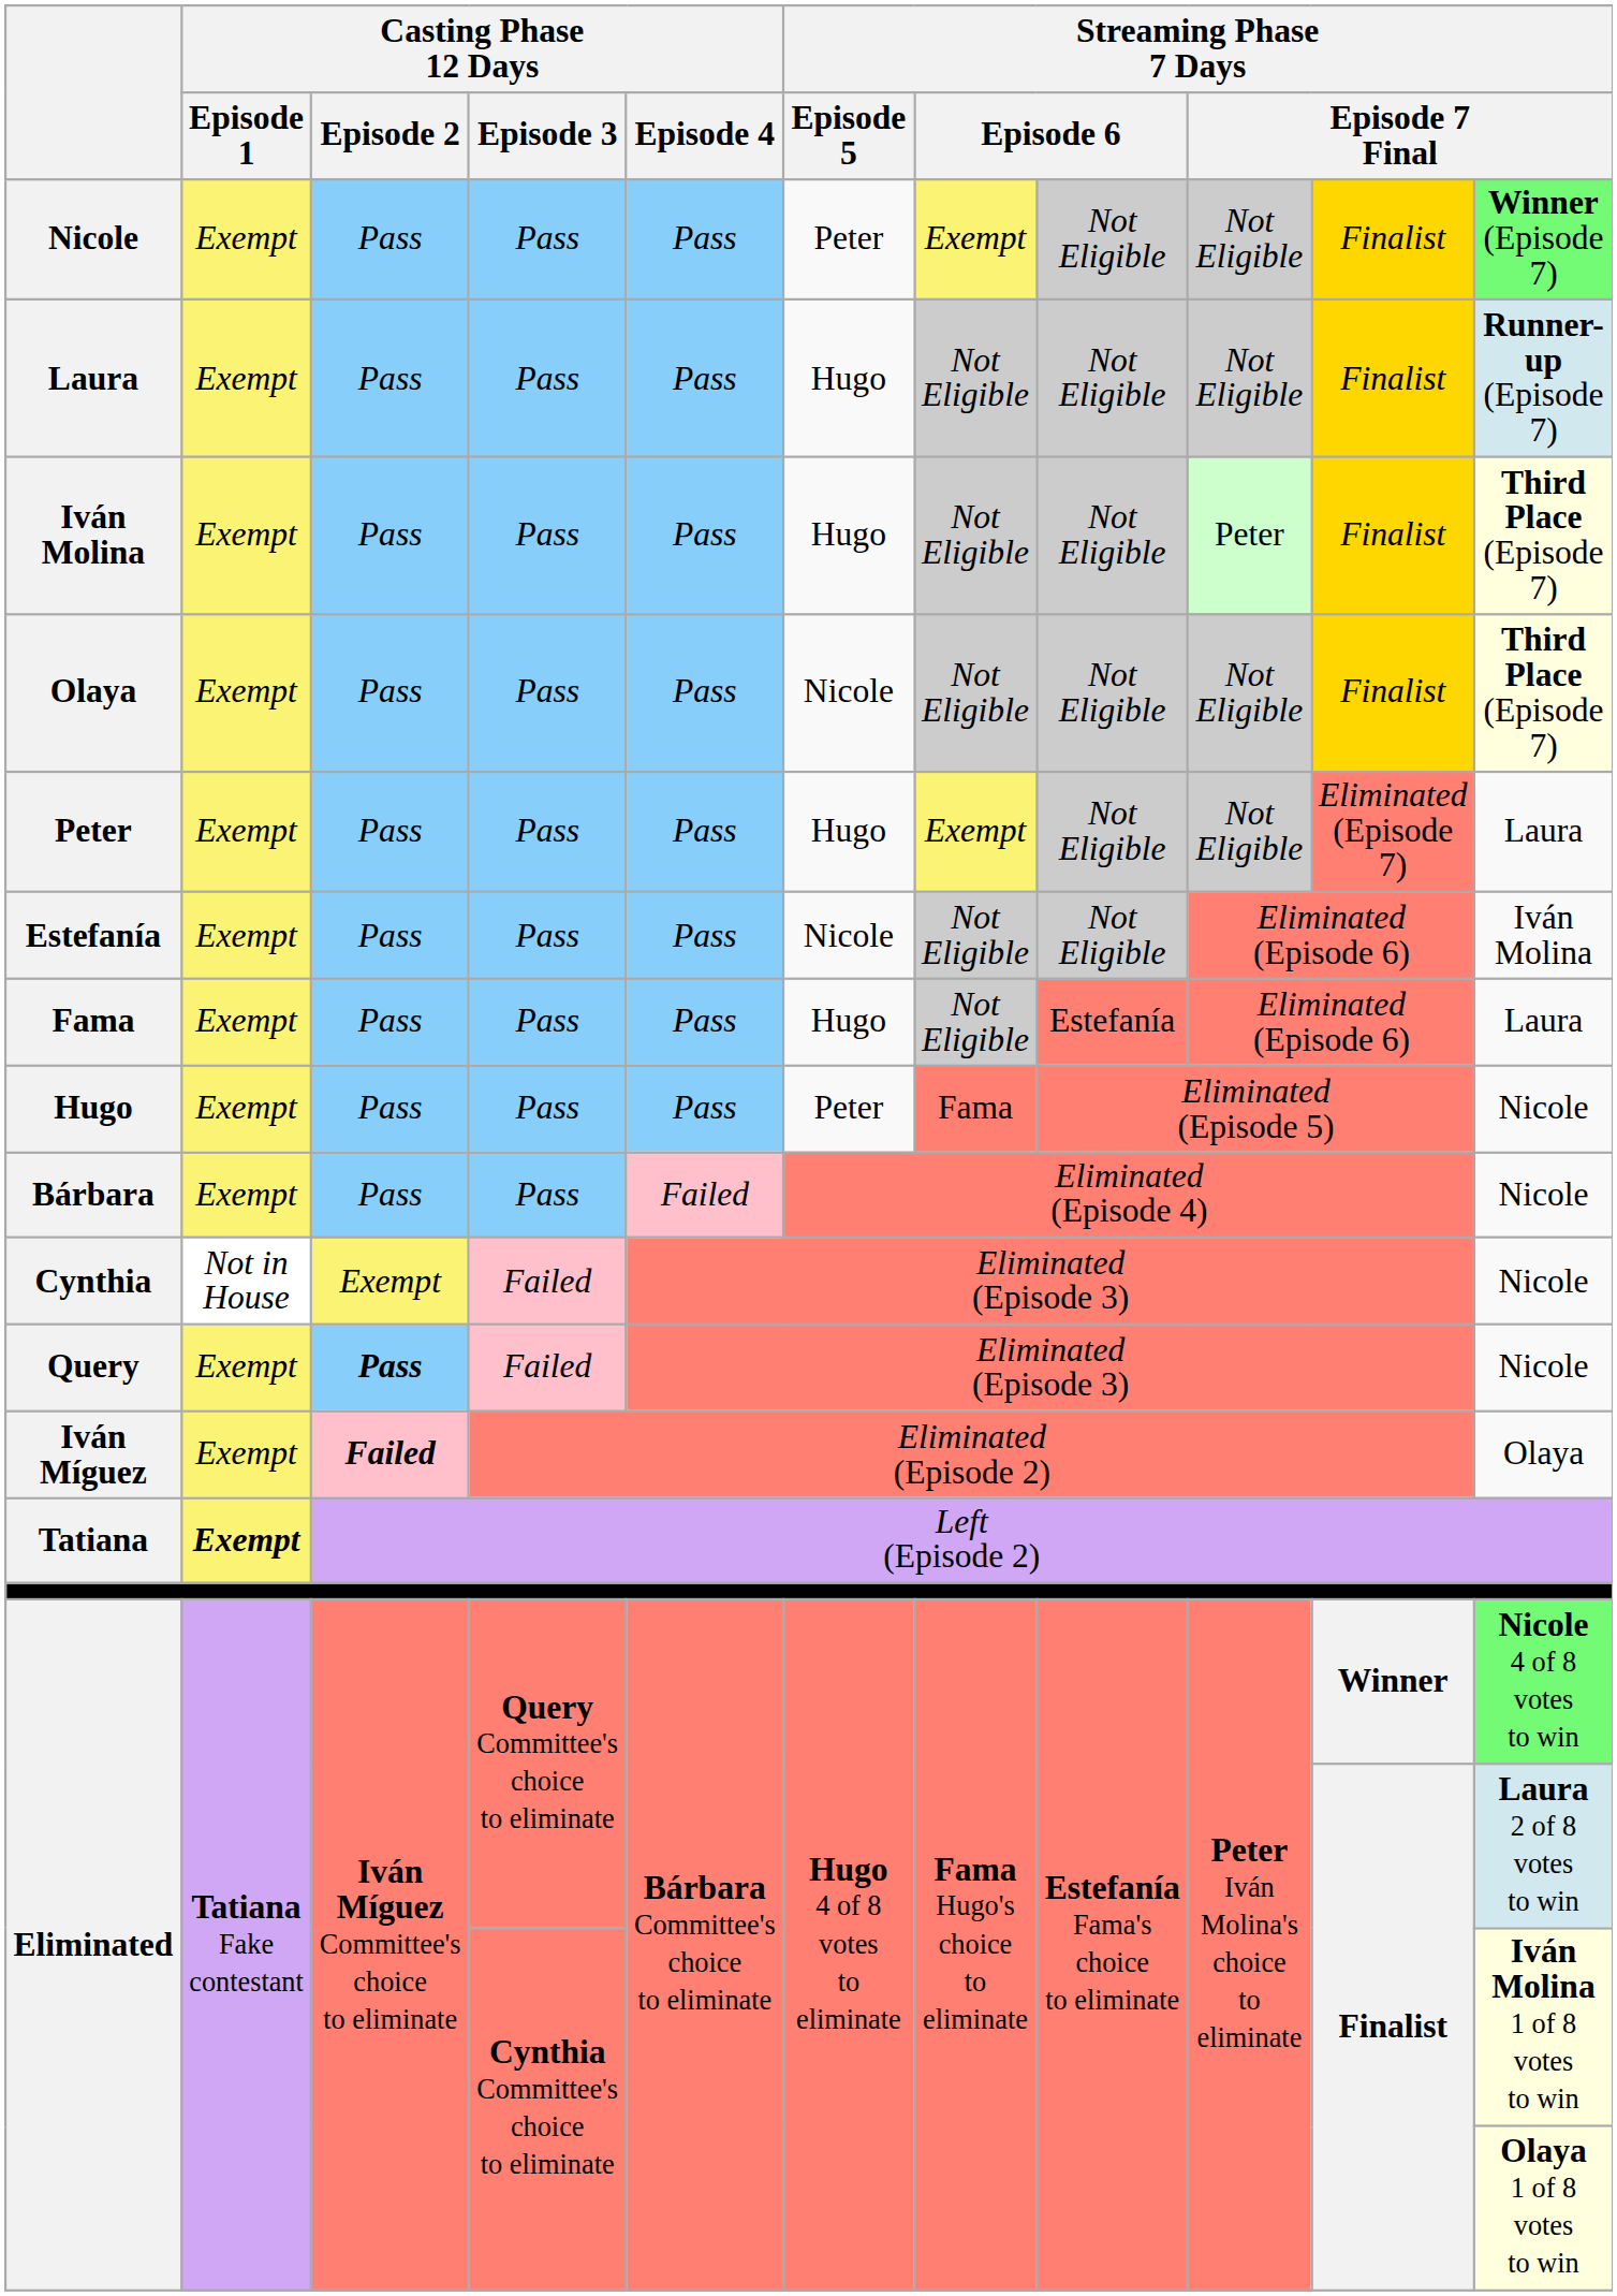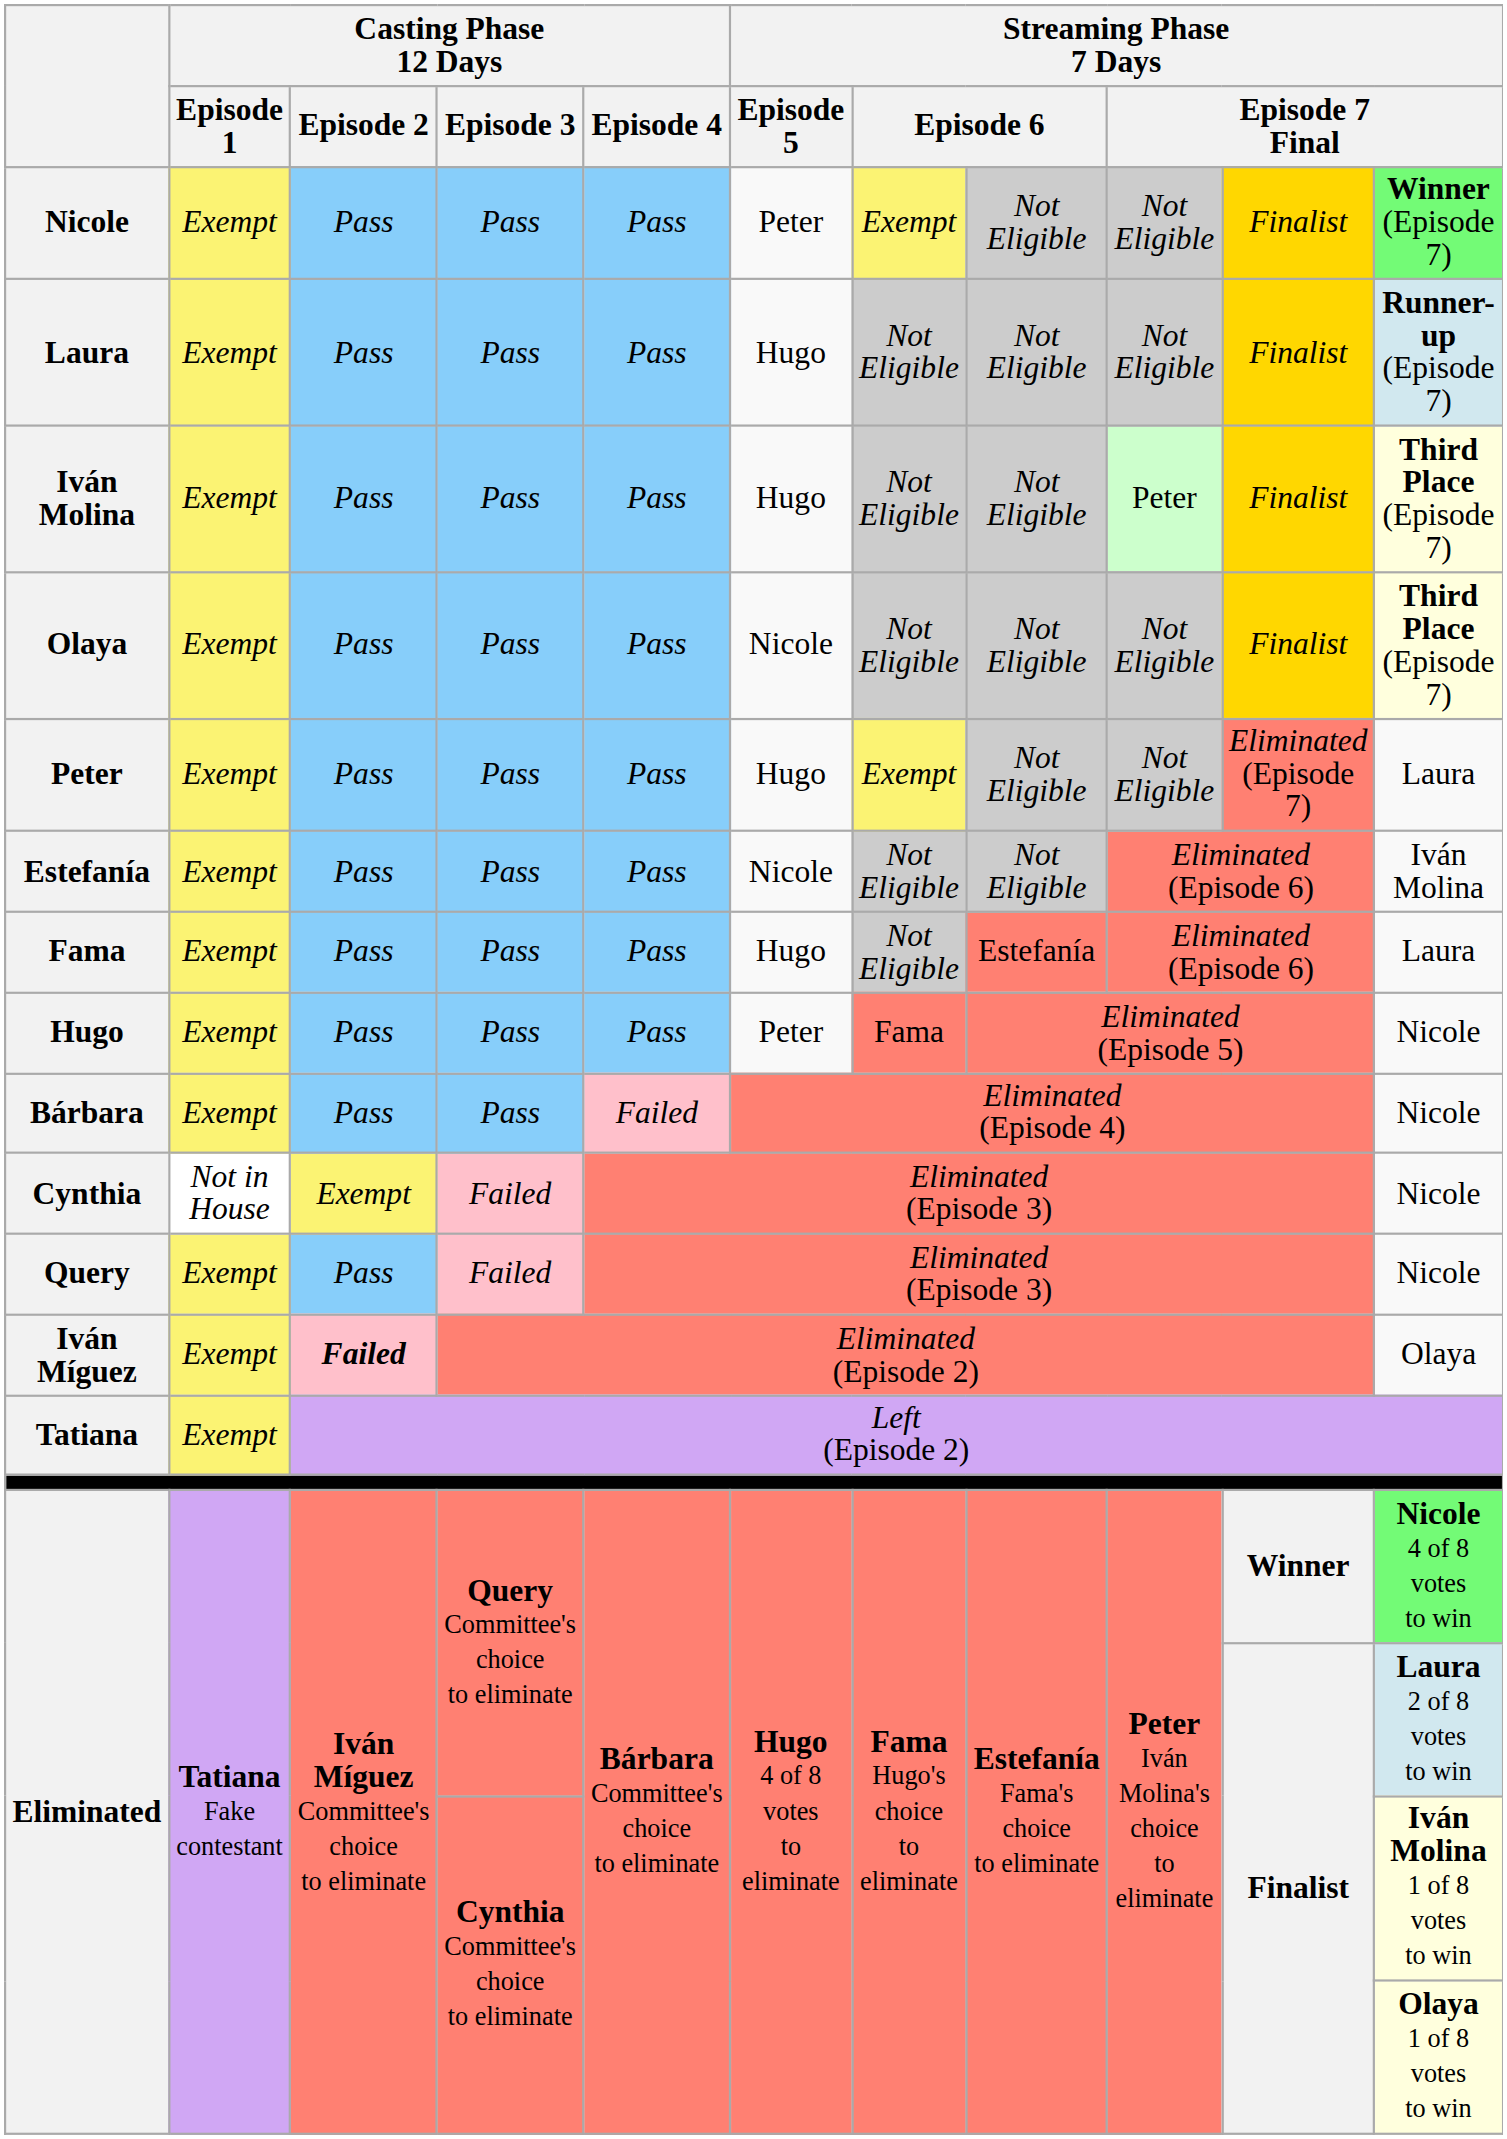 <table class="wikitable"  style="font-size: 90%; text-align:center; width:100%; line-height:15px;">
 <tr>
 <th colspan="2" rowspan="2"></th>
 <th colspan="4">Casting Phase<br>12 Days</th>
 <th colspan="6">Streaming Phase<br>7 Days</th>
 </tr>
 <tr>
 <th>Episode 1</th>
 <th>Episode 2</th>
 <th>Episode 3</th>
 <th>Episode 4</th>
 <th>Episode 5</th>
 <th colspan="2">Episode 6</th>
 <th colspan="3">Episode 7<br>Final</th>
 </tr>
 <tr>
 <th colspan="2">Nicole</th>
 <td style="background:#FBF373;"><em>Exempt</em></td>
 <td style="background:#87CEFA"><em>Pass</em></td>
 <td style="background:#87CEFA"><em>Pass</em></td>
 <td style="background:#87CEFA"><em>Pass</em></td>
 <td>Peter</td>
 <td style="background:#FBF373;"><em>Exempt</em></td>
 <td style="background:#CCC"><em>Not<br>Eligible</em></td>
 <td style="background:#CCC"><em>Not<br>Eligible</em></td>
 <td style="background:#FFD700;"><em>Finalist</em></td>
 <td style="background:#73FB76;"><strong>Winner</strong><br>(Episode 7)</td>
 </tr>
 <tr>
 <th colspan="2">Laura</th>
 <td style="background:#FBF373;"><em>Exempt</em></td>
 <td style="background:#87CEFA"><em>Pass</em></td>
 <td style="background:#87CEFA"><em>Pass</em></td>
 <td style="background:#87CEFA"><em>Pass</em></td>
 <td>Hugo</td>
 <td style="background:#CCC"><em>Not<br>Eligible</em></td>
 <td style="background:#CCC"><em>Not<br>Eligible</em></td>
 <td style="background:#CCC"><em>Not<br>Eligible</em></td>
 <td style="background:#FFD700;"><em>Finalist</em></td>
 <td style="background:#D1E8EF;"><strong>Runner-up</strong><br>(Episode 7)</td>
 </tr>
 <tr>
 <th colspan="2">Iván Molina</th>
 <td style="background:#FBF373;"><em>Exempt</em></td>
 <td style="background:#87CEFA"><em>Pass</em></td>
 <td style="background:#87CEFA"><em>Pass</em></td>
 <td style="background:#87CEFA"><em>Pass</em></td>
 <td>Hugo</td>
 <td style="background:#CCC"><em>Not<br>Eligible</em></td>
 <td style="background:#CCC"><em>Not<br>Eligible</em></td>
 <td style="background:#CCFFCC;">Peter</td>
 <td style="background:#FFD700;"><em>Finalist</em></td>
 <td style="background:#ffffdd;"><strong>Third Place</strong><br>(Episode 7)</td>
 </tr>
 <tr>
 <th colspan="2">Olaya</th>
 <td style="background:#FBF373;"><em>Exempt</em></td>
 <td style="background:#87CEFA"><em>Pass</em></td>
 <td style="background:#87CEFA"><em>Pass</em></td>
 <td style="background:#87CEFA"><em>Pass</em></td>
 <td>Nicole</td>
 <td style="background:#CCC"><em>Not<br>Eligible</em></td>
 <td style="background:#CCC"><em>Not<br>Eligible</em></td>
 <td style="background:#CCC"><em>Not<br>Eligible</em></td>
 <td style="background:#FFD700;"><em>Finalist</em></td>
 <td style="background:#ffffdd;"><strong>Third Place</strong><br>(Episode 7)</td>
 </tr>
 <tr>
 <th colspan="2">Peter</th>
 <td style="background:#FBF373;"><em>Exempt</em></td>
 <td style="background:#87CEFA"><em>Pass</em></td>
 <td style="background:#87CEFA"><em>Pass</em></td>
 <td style="background:#87CEFA"><em>Pass</em></td>
 <td>Hugo</td>
 <td style="background:#FBF373;"><em>Exempt</em></td>
 <td style="background:#CCC"><em>Not<br>Eligible</em></td>
 <td style="background:#CCC"><em>Not<br>Eligible</em></td>
 <td style="background:#ff8072;"><em>Eliminated</em><br>(Episode 7)</td>
 <td>Laura</td>
 </tr>
 <tr>
 <th colspan="2">Estefanía</th>
 <td style="background:#FBF373;"><em>Exempt</em></td>
 <td style="background:#87CEFA"><em>Pass</em></td>
 <td style="background:#87CEFA"><em>Pass</em></td>
 <td style="background:#87CEFA"><em>Pass</em></td>
 <td>Nicole</td>
 <td style="background:#CCC"><em>Not<br>Eligible</em></td>
 <td style="background:#CCC"><em>Not<br>Eligible</em></td>
 <td style="background:#ff8072;" colspan="2"><em>Eliminated</em><br>(Episode 6)</td>
 <td>Iván Molina</td>
 </tr>
 <tr>
 <th colspan="2">Fama</th>
 <td style="background:#FBF373;"><em>Exempt</em></td>
 <td style="background:#87CEFA"><em>Pass</em></td>
 <td style="background:#87CEFA"><em>Pass</em></td>
 <td style="background:#87CEFA"><em>Pass</em></td>
 <td>Hugo</td>
 <td style="background:#CCC"><em>Not<br>Eligible</em></td>
 <td style="background:#ff8072">Estefanía</td>
 <td style="background:#ff8072;" colspan="2"><em>Eliminated</em><br>(Episode 6)</td>
 <td>Laura</td>
 </tr>
 <tr>
 <th colspan="2">Hugo</th>
 <td style="background:#FBF373;"><em>Exempt</em></td>
 <td style="background:#87CEFA"><em>Pass</em></td>
 <td style="background:#87CEFA"><em>Pass</em></td>
 <td style="background:#87CEFA"><em>Pass</em></td>
 <td>Peter</td>
 <td style="background:#ff8072">Fama</td>
 <td style="background:#ff8072;" colspan="3"><em>Eliminated</em><br>(Episode 5)</td>
 <td>Nicole</td>
 </tr>
 <tr>
 <th colspan="2">Bárbara</th>
 <td style="background:#FBF373;"><em>Exempt</em></td>
 <td style="background:#87CEFA"><em>Pass</em></td>
 <td style="background:#87CEFA"><em>Pass</em></td>
 <td style="background:pink"><em>Failed</em></td>
 <td style="background:#ff8072;" colspan="5"><em>Eliminated</em><br>(Episode 4)</td>
 <td>Nicole</td>
 </tr>
 <tr>
 <th colspan="2">Cynthia</th>
 <td style="background:#fff"><em>Not in<br>House</em></td>
 <td style="background:#FBF373;"><em>Exempt</em></td>
 <td style="background:pink"><em>Failed</em></td>
 <td style="background:#ff8072;" colspan="6"><em>Eliminated</em><br>(Episode 3)</td>
 <td>Nicole</td>
 </tr>
 <tr>
 <th colspan="2">Query</th>
 <td style="background:#FBF373;"><em>Exempt</em></td>
-<td style="background:#87CEFA"><strong><em>Pass</em></strong></td>
+<td style="background:#87CEFA"><em>Pass</em></td>
 <td style="background:pink"><em>Failed</em></td>
 <td style="background:#ff8072;" colspan="6"><em>Eliminated</em><br>(Episode 3)</td>
 <td>Nicole</td>
 </tr>
 <tr>
 <th colspan="2">Iván Míguez</th>
 <td style="background:#FBF373;"><em>Exempt</em></td>
 <td style="background:pink"><strong><em>Failed</em></strong></td>
 <td style="background:#ff8072;" colspan="7"><em>Eliminated</em><br>(Episode 2)</td>
 <td>Olaya</td>
 </tr>
 <tr>
 <th colspan="2">Tatiana</th>
-<td style="background:#FBF373;"><strong><em>Exempt</em></strong></td>
+<td style="background:#FBF373;"><em>Exempt</em></td>
 <td style="background:#D0A7F4;" colspan="9"><em>Left</em><br>(Episode 2)</td>
 </tr>
 <tr>
 <th colspan="12" style="background:black"></th>
 </tr>
 <tr>
 <th rowspan="4" colspan="2">Eliminated</th>
 <td rowspan="4" style="background:#D0A7F4"><strong>Tatiana</strong> <br><small>Fake contestant</small></td>
 <td rowspan="4" style="background:#ff8072"><strong>Iván Míguez</strong><br><small>Committee's choice<br>to eliminate</small></td>
 <td rowspan="2" style="background:#ff8072"><strong>Query</strong><br><small>Committee's choice<br>to eliminate</small></td>
 <td rowspan="4" style="background:#ff8072"><strong>Bárbara</strong><br><small>Committee's choice<br>to eliminate</small></td>
 <td rowspan="4" style="background:#ff8072"><strong>Hugo</strong><br><small>4 of 8 votes<br>to eliminate</small></td>
 <td rowspan="4" style="background:#ff8072"><strong>Fama</strong><br><small>Hugo's choice<br>to eliminate</small></td>
 <td rowspan="4" style="background:#ff8072"><strong>Estefanía</strong><br><small>Fama's choice<br>to eliminate</small></td>
 <td rowspan="4" style="background:#ff8072"><strong>Peter</strong><br><small>Iván Molina's choice<br>to eliminate</small></td>
 <th>Winner</th>
 <td style="background:#73FB76"><strong>Nicole</strong><br><small>4 of 8 votes<br>to win</small></td>
 </tr>
 <tr>
 <th rowspan="3">Finalist</th>
 <td style="background:#D1E8EF"><strong>Laura</strong><br><small>2 of 8 votes<br>to win</small></td>
 </tr>
 <tr>
 <td rowspan="2" style="background:#ff8072"><strong>Cynthia</strong><br><small>Committee's choice<br>to eliminate</small></td>
 <td style="background:#ffffdd"><strong>Iván Molina</strong><br><small>1 of 8 votes<br>to win</small></td>
 </tr>
 <tr>
 <td style="background:#ffffdd"><strong>Olaya</strong><br><small>1 of 8 votes<br>to win</small></td>
 </tr>
 </table>
